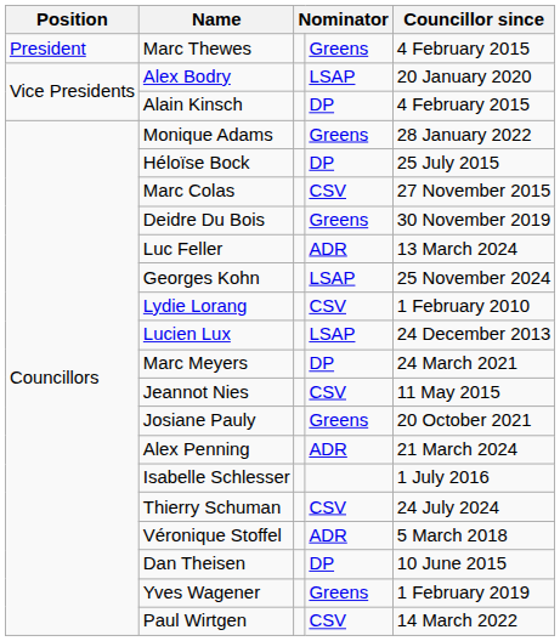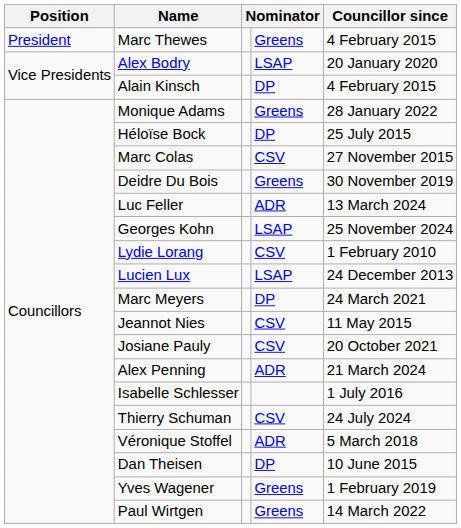 <table class="wikitable sortable">
 <tr>
 <th>Position</th>
 <th>Name</th>
 <th colspan=2>Nominator</th>
 <th>Councillor since</th>
 </tr>
 <tr>
 <td><a href='#'>President</a></td>
 <td>Marc Thewes</td>
 <td style="background-color: "></td>
 <td><a href='#'>Greens</a></td>
 <td>4 February 2015</td>
 </tr>
 <tr>
 <td rowspan=2>Vice Presidents</td>
 <td><a href='#'>Alex Bodry</a></td>
 <td style="background-color: "></td>
 <td><a href='#'>LSAP</a></td>
 <td>20 January 2020</td>
 </tr>
 <tr>
 <td>Alain Kinsch</td>
 <td style="background-color: "></td>
 <td><a href='#'>DP</a></td>
 <td>4 February 2015</td>
 </tr>
 <tr>
 <td rowspan="18">Councillors</td>
 <td>Monique Adams</td>
 <td style="background-color: "></td>
 <td><a href='#'>Greens</a></td>
 <td>28 January 2022</td>
 </tr>
 <tr>
 <td>Héloïse Bock</td>
 <td style="background-color: "></td>
 <td><a href='#'>DP</a></td>
 <td>25 July 2015</td>
 </tr>
 <tr>
 <td>Marc Colas</td>
 <td style="background-color: "></td>
 <td><a href='#'>CSV</a></td>
 <td>27 November 2015</td>
 </tr>
 <tr>
 <td>Deidre Du Bois</td>
 <td style="background-color: "></td>
 <td><a href='#'>Greens</a></td>
 <td>30 November 2019</td>
 </tr>
 <tr>
 <td>Luc Feller</td>
 <td style="background-color: "></td>
 <td><a href='#'>ADR</a></td>
 <td>13 March 2024</td>
 </tr>
 <tr>
 <td>Georges Kohn</td>
 <td style="background-color: "></td>
 <td><a href='#'>LSAP</a></td>
 <td>25 November 2024</td>
 </tr>
 <tr>
 <td><a href='#'>Lydie Lorang</a></td>
 <td style="background-color: "></td>
 <td><a href='#'>CSV</a></td>
 <td>1 February 2010</td>
 </tr>
 <tr>
 <td><a href='#'>Lucien Lux</a></td>
 <td style="background-color: "></td>
 <td><a href='#'>LSAP</a></td>
 <td>24 December 2013</td>
 </tr>
 <tr>
 <td>Marc Meyers</td>
 <td style="background-color: "></td>
 <td><a href='#'>DP</a></td>
 <td>24 March 2021</td>
 </tr>
 <tr>
 <td>Jeannot Nies</td>
 <td style="background-color: "></td>
 <td><a href='#'>CSV</a></td>
 <td>11 May 2015</td>
 </tr>
 <tr>
 <td>Josiane Pauly</td>
 <td style="background-color: "></td>
-<td><a href='#'>Greens</a></td>
+<td><a href='#'>CSV</a></td>
 <td>20 October 2021</td>
 </tr>
 <tr>
 <td>Alex Penning</td>
 <td style="background-color: "></td>
 <td><a href='#'>ADR</a></td>
 <td>21 March 2024</td>
 </tr>
 <tr>
 <td>Isabelle Schlesser</td>
 <td></td>
 <td></td>
 <td>1 July 2016</td>
 </tr>
 <tr>
 <td>Thierry Schuman</td>
 <td style="background-color: "></td>
 <td><a href='#'>CSV</a></td>
 <td>24 July 2024</td>
 </tr>
 <tr>
 <td>Véronique Stoffel</td>
 <td style="background-color: "></td>
 <td><a href='#'>ADR</a></td>
 <td>5 March 2018</td>
 </tr>
 <tr>
 <td>Dan Theisen</td>
 <td style="background-color: "></td>
 <td><a href='#'>DP</a></td>
 <td>10 June 2015</td>
 </tr>
 <tr>
 <td>Yves Wagener</td>
 <td style="background-color: "></td>
 <td><a href='#'>Greens</a></td>
 <td>1 February 2019</td>
 </tr>
 <tr>
 <td>Paul Wirtgen</td>
 <td style="background-color: "></td>
-<td><a href='#'>CSV</a></td>
+<td><a href='#'>Greens</a></td>
 <td>14 March 2022</td>
 </tr>
 </table>
